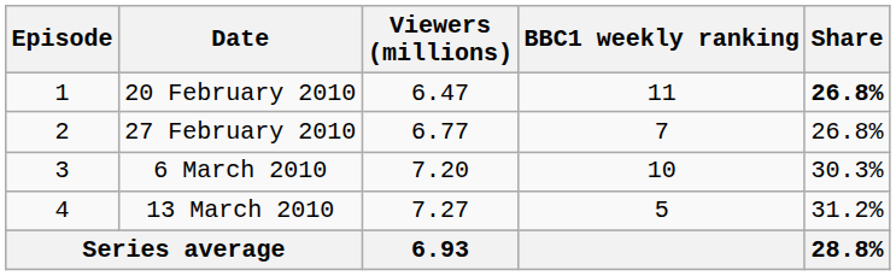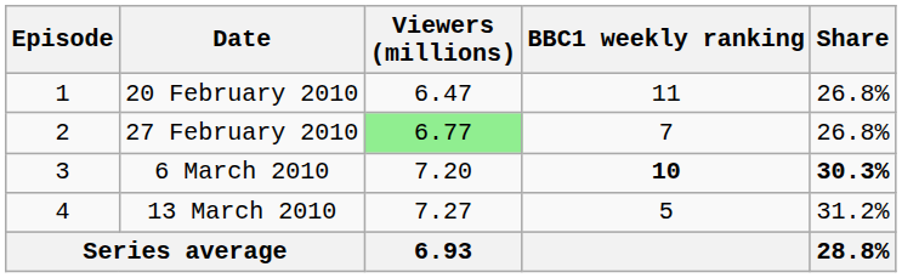 <table class="wikitable" style="text-align:center">
 <tr>
 <th>Episode</th>
 <th>Date</th>
 <th>Viewers<br>(millions)</th>
 <th>BBC1 weekly ranking</th>
 <th>Share</th>
 </tr>
 <tr>
 <td>1</td>
 <td>20 February 2010</td>
 <td>6.47</td>
 <td>11</td>
-<td><strong>26.8%</strong></td>
+<td>26.8%</td>
 </tr>
 <tr>
 <td>2</td>
 <td>27 February 2010</td>
-<td>6.77</td>
+<td style="background: lightgreen;">6.77</td>
 <td>7</td>
 <td>26.8%</td>
 </tr>
 <tr>
 <td>3</td>
 <td>6 March 2010</td>
 <td>7.20</td>
-<td>10</td>
-<td>30.3%</td>
+<td><strong>10</strong></td>
+<td><strong>30.3%</strong></td>
 </tr>
 <tr>
 <td>4</td>
 <td>13 March 2010</td>
 <td>7.27</td>
 <td>5</td>
 <td>31.2%</td>
 </tr>
 <tr>
 <th colspan="2" scope="row">Series average</th>
 <th>6.93</th>
 <th></th>
 <th>28.8%</th>
 </tr>
 </table>
